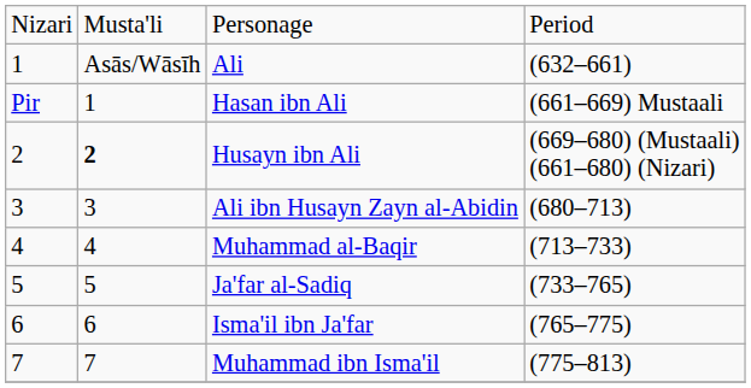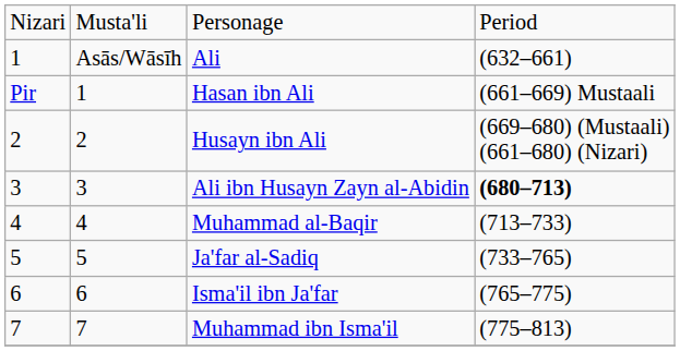 <table class="wikitable">
 <tr>
 <td>Nizari</td>
 <td>Musta'li</td>
 <td>Personage</td>
 <td>Period</td>
 </tr>
 <tr>
 <td>1</td>
 <td>Asās/Wāsīh</td>
 <td><a href='#'>Ali</a></td>
 <td>(632–661)</td>
 </tr>
 <tr>
 <td><a href='#'>Pir</a></td>
 <td>1</td>
 <td><a href='#'>Hasan ibn Ali</a></td>
 <td>(661–669) Mustaali</td>
 </tr>
 <tr>
 <td>2</td>
-<td><strong>2</strong></td>
+<td>2</td>
 <td><a href='#'>Husayn ibn Ali</a></td>
 <td>(669–680) (Mustaali)<br>(661–680) (Nizari)</td>
 </tr>
 <tr>
 <td>3</td>
 <td>3</td>
 <td><a href='#'>Ali ibn Husayn Zayn al-Abidin</a></td>
-<td>(680–713)</td>
+<td><strong>(680–713)</strong></td>
 </tr>
 <tr>
 <td>4</td>
 <td>4</td>
 <td><a href='#'>Muhammad al-Baqir</a></td>
 <td>(713–733)</td>
 </tr>
 <tr>
 <td>5</td>
 <td>5</td>
 <td><a href='#'>Ja'far al-Sadiq</a></td>
 <td>(733–765)</td>
 </tr>
 <tr>
 <td>6</td>
 <td>6</td>
 <td><a href='#'>Isma'il ibn Ja'far</a></td>
 <td>(765–775)</td>
 </tr>
 <tr>
 <td>7</td>
 <td>7</td>
 <td><a href='#'>Muhammad ibn Isma'il</a></td>
 <td>(775–813)</td>
 </tr>
 <tr>
 </tr>
 </table>
